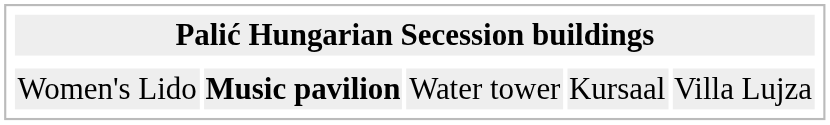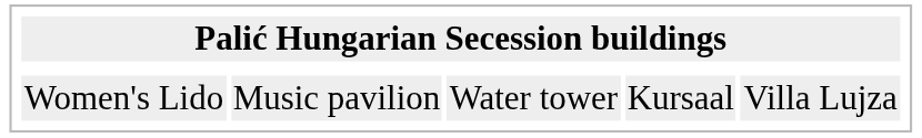 <table style="margin:1em auto; padding:2px; border: 1px solid #BBB; text-align:center; font-size:90%">
 <tr>
 <th colspan="5" style="background:#EEE">Palić Hungarian Secession buildings</th>
 </tr>
 <tr>
 <td></td>
 <td></td>
 <td></td>
 <td></td>
 <td></td>
 </tr>
 <tr style="background:#EEE">
 <td>Women's Lido</td>
-<td><strong>Music pavilion</strong></td>
+<td>Music pavilion</td>
 <td>Water tower</td>
 <td>Kursaal</td>
 <td>Villa Lujza</td>
 </tr>
 </table>
